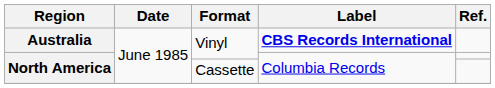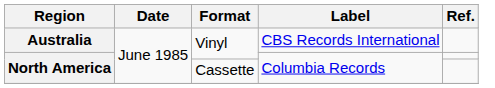 <table class="wikitable plainrowheaders">
 <tr>
 <th scope="col">Region</th>
 <th scope="col">Date</th>
 <th scope="col">Format</th>
 <th scope="col">Label</th>
 <th scope="col">Ref.</th>
 </tr>
 <tr>
 <th scope="row">Australia</th>
 <td rowspan="3">June 1985</td>
 <td rowspan="2">Vinyl</td>
-<td><strong><a href='#'>CBS Records International</a></strong></td>
+<td><a href='#'>CBS Records International</a></td>
 <td></td>
 </tr>
 <tr>
 <th scope="row" rowspan="2">North America</th>
 <td rowspan="2"><a href='#'>Columbia Records</a></td>
 <td></td>
 </tr>
 <tr>
 <td>Cassette</td>
 <td></td>
 </tr>
 <tr>
 </tr>
 </table>
